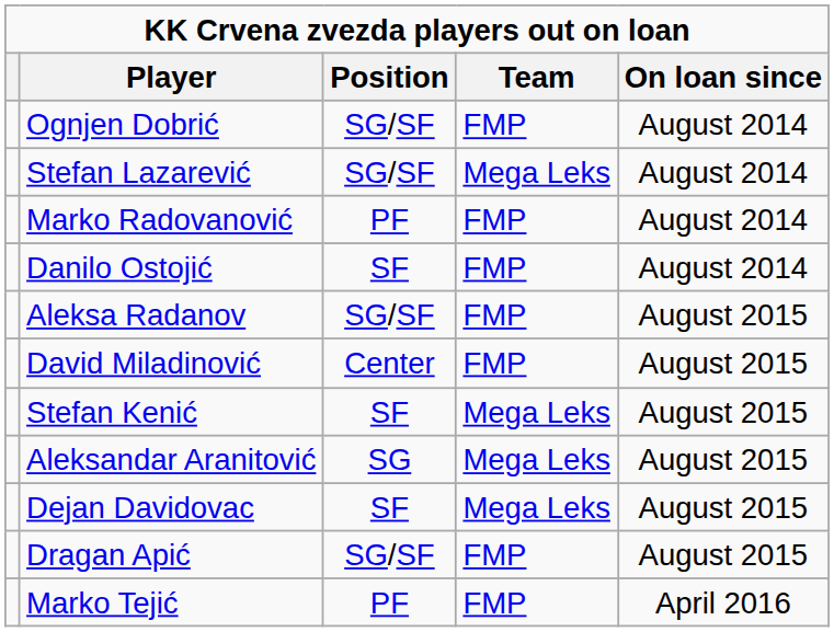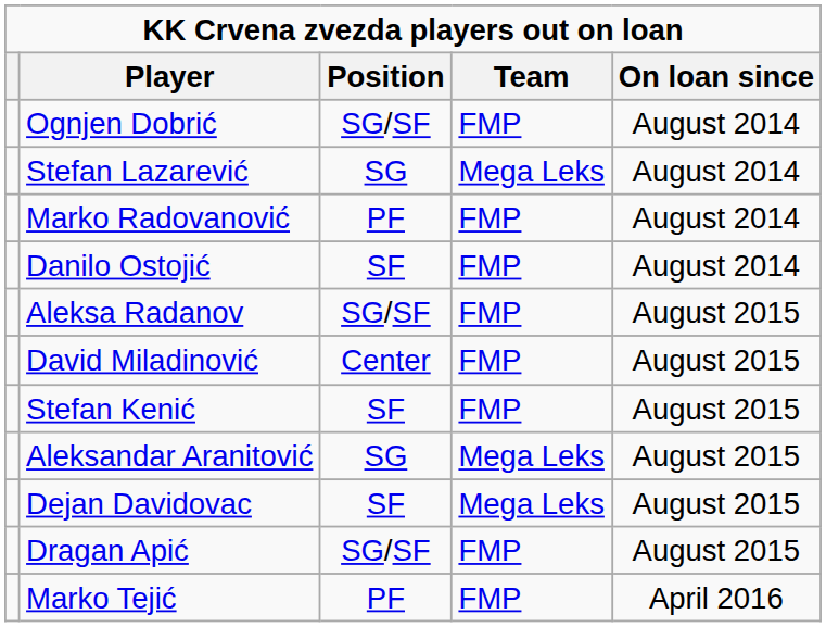 <table class="wikitable sortable" style="font-size: 95%; text-align:center;">
 <tr>
 <td colspan=6><strong>KK Crvena zvezda players out on loan</strong></td>
 </tr>
 <tr>
 <th></th>
 <th>Player</th>
 <th>Position</th>
 <th>Team</th>
 <th>On loan since</th>
 </tr>
 <tr>
 <td></td>
 <td style="text-align:left;"><a href='#'>Ognjen Dobrić</a></td>
 <td><a href='#'>SG</a>/<a href='#'>SF</a></td>
 <td style="text-align:left;"> <a href='#'>FMP</a></td>
 <td>August 2014</td>
 </tr>
 <tr>
 <td></td>
 <td style="text-align:left;"><a href='#'>Stefan Lazarević</a></td>
-<td><a href='#'>SG</a>/<a href='#'>SF</a></td>
+<td><a href='#'>SG</a></td>
 <td style="text-align:left;"> <a href='#'>Mega Leks</a></td>
 <td>August 2014</td>
 </tr>
 <tr>
 <td></td>
 <td style="text-align:left;"><a href='#'>Marko Radovanović</a></td>
 <td><a href='#'>PF</a></td>
 <td style="text-align:left;"> <a href='#'>FMP</a></td>
 <td>August 2014</td>
 </tr>
 <tr>
 <td></td>
 <td style="text-align:left;"><a href='#'>Danilo Ostojić</a></td>
 <td><a href='#'>SF</a></td>
 <td style="text-align:left;"> <a href='#'>FMP</a></td>
 <td>August 2014</td>
 </tr>
 <tr>
 <td></td>
 <td style="text-align:left;"><a href='#'>Aleksa Radanov</a></td>
 <td><a href='#'>SG</a>/<a href='#'>SF</a></td>
 <td style="text-align:left;"> <a href='#'>FMP</a></td>
 <td>August 2015</td>
 </tr>
 <tr>
 <td></td>
 <td style="text-align:left;"><a href='#'>David Miladinović</a></td>
 <td><a href='#'>Center</a></td>
 <td style="text-align:left;"> <a href='#'>FMP</a></td>
 <td>August 2015</td>
 </tr>
 <tr>
 <td></td>
 <td style="text-align:left;"><a href='#'>Stefan Kenić</a></td>
 <td><a href='#'>SF</a></td>
-<td style="text-align:left;"> <a href='#'>Mega Leks</a></td>
+<td style="text-align:left;"> <a href='#'>FMP</a></td>
 <td>August 2015</td>
 </tr>
 <tr>
 <td></td>
 <td style="text-align:left;"><a href='#'>Aleksandar Aranitović</a></td>
 <td><a href='#'>SG</a></td>
 <td style="text-align:left;"> <a href='#'>Mega Leks</a></td>
 <td>August 2015</td>
 </tr>
 <tr>
 <td></td>
 <td style="text-align:left;"><a href='#'>Dejan Davidovac</a></td>
 <td><a href='#'>SF</a></td>
 <td style="text-align:left;"> <a href='#'>Mega Leks</a></td>
 <td>August 2015</td>
 </tr>
 <tr>
 <td></td>
 <td style="text-align:left;"><a href='#'>Dragan Apić</a></td>
 <td><a href='#'>SG</a>/<a href='#'>SF</a></td>
 <td style="text-align:left;"> <a href='#'>FMP</a></td>
 <td>August 2015</td>
 </tr>
 <tr>
 <td></td>
 <td style="text-align:left;"><a href='#'>Marko Tejić</a></td>
 <td><a href='#'>PF</a></td>
 <td style="text-align:left;"> <a href='#'>FMP</a></td>
 <td>April 2016</td>
 </tr>
 </table>
